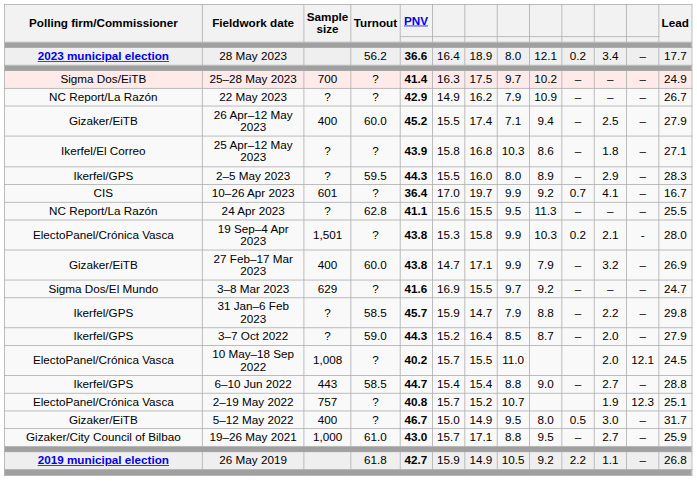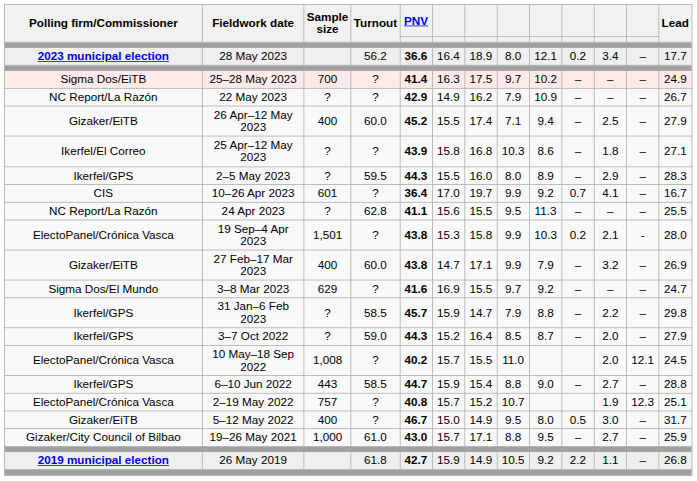 <table class="wikitable collapsible collapsed" style="text-align:center; font-size:95%; line-height:16px;">
 <tr style="height:42px;">
 <th style="width:250px;" rowspan="2">Polling firm/Commissioner</th>
 <th style="width:125px;" rowspan="2">Fieldwork date</th>
 <th style="width:50px;" rowspan="2">Sample size</th>
 <th style="width:45px;" rowspan="2">Turnout</th>
 <th style="width:35px;"><a href='#'>PNV</a></th>
 <th style="width:35px;"></th>
 <th style="width:35px;"></th>
 <th style="width:35px;"></th>
 <th style="width:35px;"></th>
 <th style="width:35px;"></th>
 <th style="width:35px;"></th>
 <th style="width:35px;"></th>
 <th style="width:30px;" rowspan="2">Lead</th>
 </tr>
 <tr>
 <th style="color:inherit;background:"></th>
 <th style="color:inherit;background:"></th>
 <th style="color:inherit;background:"></th>
 <th style="color:inherit;background:"></th>
 <th style="color:inherit;background:"></th>
 <th style="color:inherit;background:"></th>
 <th style="color:inherit;background:"></th>
 <th style="color:inherit;background:"></th>
 </tr>
 <tr>
 <td colspan="13" style="background:#A0A0A0"></td>
 </tr>
 <tr style="background:#EFEFEF;">
 <td><strong><a href='#'>2023 municipal election</a></strong></td>
 <td>28 May 2023</td>
 <td></td>
 <td>56.2</td>
 <td><strong>36.6</strong><br></td>
 <td>16.4<br></td>
 <td>18.9<br></td>
 <td>8.0<br></td>
 <td>12.1<br></td>
 <td>0.2<br></td>
 <td>3.4<br></td>
 <td>–</td>
 <td style="background:">17.7</td>
 </tr>
 <tr>
 <td colspan="13" style="background:#A0A0A0"></td>
 </tr>
 <tr style="background:#FFEAEA;">
 <td>Sigma Dos/EiTB</td>
 <td>25–28 May 2023</td>
 <td>700</td>
 <td>?</td>
 <td><strong>41.4</strong><br></td>
 <td>16.3<br></td>
 <td>17.5<br></td>
 <td>9.7<br></td>
 <td>10.2<br></td>
 <td>–</td>
 <td>–</td>
 <td>–</td>
 <td style="background:">24.9</td>
 </tr>
 <tr>
 <td>NC Report/La Razón</td>
 <td>22 May 2023</td>
 <td>?</td>
 <td>?</td>
 <td><strong>42.9</strong><br></td>
 <td>14.9<br></td>
 <td>16.2<br></td>
 <td>7.9<br></td>
 <td>10.9<br></td>
 <td>–</td>
 <td>–</td>
 <td>–</td>
 <td style="background:">26.7</td>
 </tr>
 <tr>
 <td>Gizaker/EiTB</td>
 <td>26 Apr–12 May 2023</td>
 <td>400</td>
 <td>60.0</td>
 <td><strong>45.2</strong><br></td>
 <td>15.5<br></td>
 <td>17.4<br></td>
 <td>7.1<br></td>
 <td>9.4<br></td>
 <td>–</td>
 <td>2.5<br></td>
 <td>–</td>
 <td style="background:">27.9</td>
 </tr>
 <tr>
 <td>Ikerfel/El Correo</td>
 <td>25 Apr–12 May 2023</td>
 <td>?</td>
 <td>?</td>
 <td><strong>43.9</strong><br></td>
 <td>15.8<br></td>
 <td>16.8<br></td>
 <td>10.3<br></td>
 <td>8.6<br></td>
 <td>–</td>
 <td>1.8<br></td>
 <td>–</td>
 <td style="background:">27.1</td>
 </tr>
 <tr>
 <td>Ikerfel/GPS</td>
 <td>2–5 May 2023</td>
 <td>?</td>
 <td>59.5</td>
 <td><strong>44.3</strong><br></td>
 <td>15.5<br></td>
 <td>16.0<br></td>
 <td>8.0<br></td>
 <td>8.9<br></td>
 <td>–</td>
 <td>2.9<br></td>
 <td>–</td>
 <td style="background:">28.3</td>
 </tr>
 <tr>
 <td>CIS</td>
 <td>10–26 Apr 2023</td>
 <td>601</td>
 <td>?</td>
 <td><strong>36.4</strong><br></td>
 <td>17.0<br></td>
 <td>19.7<br></td>
 <td>9.9<br></td>
 <td>9.2<br></td>
 <td>0.7<br></td>
 <td>4.1<br></td>
 <td>–</td>
 <td style="background:">16.7</td>
 </tr>
 <tr>
 <td>NC Report/La Razón</td>
 <td>24 Apr 2023</td>
 <td>?</td>
 <td>62.8</td>
 <td><strong>41.1</strong><br></td>
 <td>15.6<br></td>
 <td>15.5<br></td>
 <td>9.5<br></td>
 <td>11.3<br></td>
 <td>–</td>
 <td>–</td>
 <td>–</td>
 <td style="background:">25.5</td>
 </tr>
 <tr>
 <td>ElectoPanel/Crónica Vasca</td>
 <td>19 Sep–4 Apr 2023</td>
 <td>1,501</td>
 <td>?</td>
 <td><strong>43.8</strong><br></td>
 <td>15.3<br></td>
 <td>15.8<br></td>
 <td>9.9<br></td>
 <td>10.3<br></td>
 <td>0.2<br></td>
 <td>2.1<br></td>
 <td>-</td>
 <td style="background:">28.0</td>
 </tr>
 <tr>
 <td>Gizaker/EiTB</td>
 <td>27 Feb–17 Mar 2023</td>
 <td>400</td>
 <td>60.0</td>
 <td><strong>43.8</strong><br></td>
 <td>14.7<br></td>
 <td>17.1<br></td>
 <td>9.9<br></td>
 <td>7.9<br></td>
 <td>–</td>
 <td>3.2<br></td>
 <td>–</td>
 <td style="background:">26.9</td>
 </tr>
 <tr>
 <td>Sigma Dos/El Mundo</td>
 <td>3–8 Mar 2023</td>
 <td>629</td>
 <td>?</td>
 <td><strong>41.6</strong><br></td>
 <td>16.9<br></td>
 <td>15.5<br></td>
 <td>9.7<br></td>
 <td>9.2<br></td>
 <td>–</td>
 <td>–</td>
 <td>–</td>
 <td style="background:">24.7</td>
 </tr>
 <tr>
 <td>Ikerfel/GPS</td>
 <td>31 Jan–6 Feb 2023</td>
 <td>?</td>
 <td>58.5</td>
 <td><strong>45.7</strong><br></td>
 <td>15.9<br></td>
 <td>14.7<br></td>
 <td>7.9<br></td>
 <td>8.8<br></td>
 <td>–</td>
 <td>2.2<br></td>
 <td>–</td>
 <td style="background:">29.8</td>
 </tr>
 <tr>
 <td>Ikerfel/GPS</td>
 <td>3–7 Oct 2022</td>
 <td>?</td>
 <td>59.0</td>
 <td><strong>44.3</strong><br></td>
 <td>15.2<br></td>
 <td>16.4<br></td>
 <td>8.5<br></td>
 <td>8.7<br></td>
 <td>–</td>
 <td>2.0<br></td>
 <td>–</td>
 <td style="background:">27.9</td>
 </tr>
 <tr>
 <td>ElectoPanel/Crónica Vasca</td>
 <td>10 May–18 Sep 2022</td>
 <td>1,008</td>
 <td>?</td>
 <td><strong>40.2</strong><br></td>
 <td>15.7<br></td>
 <td>15.5<br></td>
 <td>11.0<br></td>
 <td></td>
 <td></td>
 <td>2.0<br></td>
 <td>12.1<br></td>
 <td style="background:">24.5</td>
 </tr>
 <tr>
 <td>Ikerfel/GPS</td>
 <td>6–10 Jun 2022</td>
 <td>443</td>
 <td>58.5</td>
 <td><strong>44.7</strong><br></td>
-<td>15.4<br></td>
+<td>15.9<br></td>
 <td>15.4<br></td>
 <td>8.8<br></td>
 <td>9.0<br></td>
 <td>–</td>
 <td>2.7<br></td>
 <td>–</td>
 <td style="background:">28.8</td>
 </tr>
 <tr>
 <td>ElectoPanel/Crónica Vasca</td>
 <td>2–19 May 2022</td>
 <td>757</td>
 <td>?</td>
 <td><strong>40.8</strong><br></td>
 <td>15.7<br></td>
 <td>15.2<br></td>
 <td>10.7<br></td>
 <td></td>
 <td></td>
 <td>1.9<br></td>
 <td>12.3<br></td>
 <td style="background:">25.1</td>
 </tr>
 <tr>
 <td>Gizaker/EiTB</td>
 <td>5–12 May 2022</td>
 <td>400</td>
 <td>?</td>
 <td><strong>46.7</strong><br></td>
 <td>15.0<br></td>
 <td>14.9<br></td>
 <td>9.5<br></td>
 <td>8.0<br></td>
 <td>0.5<br></td>
 <td>3.0<br></td>
 <td>–</td>
 <td style="background:">31.7</td>
 </tr>
 <tr>
 <td>Gizaker/City Council of Bilbao</td>
 <td>19–26 May 2021</td>
 <td>1,000</td>
 <td>61.0</td>
 <td><strong>43.0</strong><br></td>
 <td>15.7<br></td>
 <td>17.1<br></td>
 <td>8.8<br></td>
 <td>9.5<br></td>
 <td>–</td>
 <td>2.7<br></td>
 <td>–</td>
 <td style="background:">25.9</td>
 </tr>
 <tr>
 <td colspan="13" style="background:#A0A0A0"></td>
 </tr>
 <tr style="background:#EFEFEF;">
 <td><strong><a href='#'>2019 municipal election</a></strong></td>
 <td>26 May 2019</td>
 <td></td>
 <td>61.8</td>
 <td><strong>42.7</strong><br></td>
 <td>15.9<br></td>
 <td>14.9<br></td>
 <td>10.5<br></td>
 <td>9.2<br></td>
 <td>2.2<br></td>
 <td>1.1<br></td>
 <td>–</td>
 <td style="background:">26.8</td>
 </tr>
 <tr>
 <td colspan="13" style="background:#A0A0A0"></td>
 </tr>
 </table>
